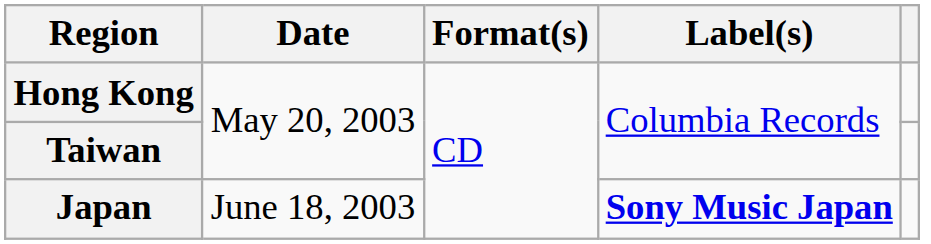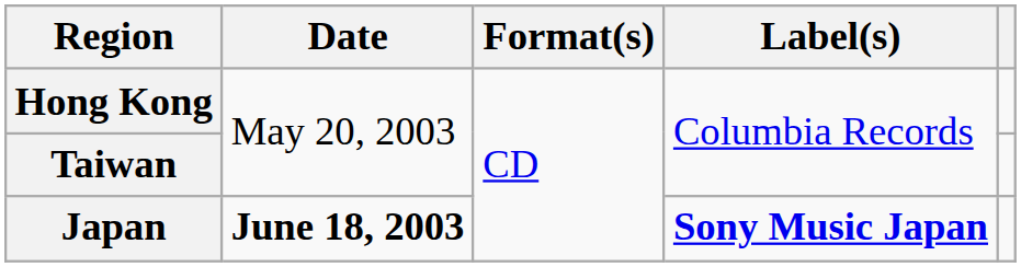 <table class="wikitable sortable plainrowheaders">
 <tr>
 <th scope="col">Region</th>
 <th scope="col">Date</th>
 <th scope="col">Format(s)</th>
 <th scope="col">Label(s)</th>
 <th scope="col"></th>
 </tr>
 <tr>
 <th scope="row">Hong Kong</th>
 <td rowspan="2">May 20, 2003</td>
 <td rowspan="3"><a href='#'>CD</a></td>
 <td rowspan="2"><a href='#'>Columbia Records</a></td>
 <td align="center"></td>
 </tr>
 <tr>
 <th scope="row">Taiwan</th>
 <td align="center"></td>
 </tr>
 <tr>
 <th scope="row">Japan</th>
-<td>June 18, 2003</td>
+<td><strong>June 18, 2003</strong></td>
 <td><strong><a href='#'>Sony Music Japan</a></strong></td>
 <td align="center"></td>
 </tr>
 </table>
